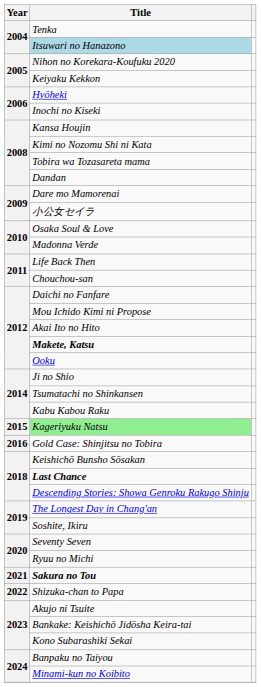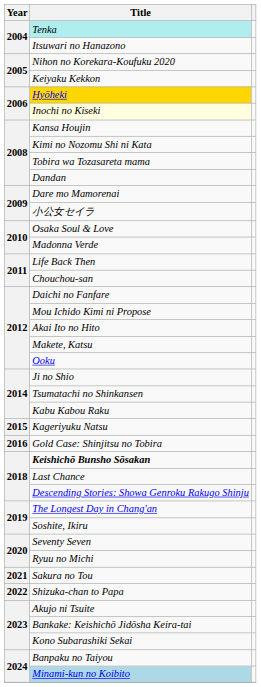 <table class="wikitable">
 <tr>
 <th>Year</th>
 <th>Title</th>
 <th></th>
 </tr>
 <tr>
 <th rowspan="2">2004</th>
-<td><em>Tenka</em></td>
+<td style="background: paleturquoise;"><em>Tenka</em></td>
 <td></td>
 </tr>
 <tr>
-<td style="background: lightblue;"><em>Itsuwari no Hanazono</em></td>
+<td><em>Itsuwari no Hanazono</em></td>
 <td></td>
 </tr>
 <tr>
 <th rowspan="2">2005</th>
 <td><em>Nihon no Korekara-Koufuku 2020</em></td>
 <td></td>
 </tr>
 <tr>
 <td><em>Keiyaku Kekkon</em></td>
 <td></td>
 </tr>
 <tr>
 <th rowspan="2">2006</th>
-<td><em><a href='#'>Hyōheki</a></em></td>
+<td style="background: gold;"><em><a href='#'>Hyōheki</a></em></td>
 <td></td>
 </tr>
 <tr>
-<td><em>Inochi no Kiseki</em></td>
+<td style="background: lightyellow;"><em>Inochi no Kiseki</em></td>
 <td></td>
 </tr>
 <tr>
 <th rowspan="4">2008</th>
 <td><em>Kansa Houjin</em></td>
 <td></td>
 </tr>
 <tr>
 <td><em>Kimi no Nozomu Shi ni Kata</em></td>
 <td></td>
 </tr>
 <tr>
 <td><em>Tobira wa Tozasareta mama</em></td>
 <td></td>
 </tr>
 <tr>
 <td><em>Dandan</em></td>
 <td></td>
 </tr>
 <tr>
 <th rowspan="2">2009</th>
 <td><em>Dare mo Mamorenai</em></td>
 <td></td>
 </tr>
 <tr>
 <td><em>小公女セイラ</em></td>
 <td></td>
 </tr>
 <tr>
 <th rowspan="2">2010</th>
 <td><em>Osaka Soul & Love</em></td>
 <td></td>
 </tr>
 <tr>
 <td><em>Madonna Verde</em></td>
 <td></td>
 </tr>
 <tr>
 <th rowspan="2">2011</th>
 <td><em>Life Back Then</em></td>
 <td></td>
 </tr>
 <tr>
 <td><em>Chouchou-san</em></td>
 <td></td>
 </tr>
 <tr>
 <th rowspan="5">2012</th>
 <td><em>Daichi no Fanfare</em></td>
 <td></td>
 </tr>
 <tr>
 <td><em>Mou Ichido Kimi ni Propose</em></td>
 <td></td>
 </tr>
 <tr>
 <td><em>Akai Ito no Hito</em></td>
 <td></td>
 </tr>
 <tr>
-<td><strong><em>Makete, Katsu</em></strong></td>
+<td><em>Makete, Katsu</em></td>
 <td></td>
 </tr>
 <tr>
 <td><em><a href='#'>Ooku</a></em></td>
 <td></td>
 </tr>
 <tr>
 <th rowspan="3">2014</th>
 <td><em>Ji no Shio</em></td>
 <td></td>
 </tr>
 <tr>
 <td><em>Tsumatachi no Shinkansen</em></td>
 <td></td>
 </tr>
 <tr>
 <td><em>Kabu Kabou Raku</em></td>
 <td></td>
 </tr>
 <tr>
 <th>2015</th>
-<td style="background: lightgreen;"><em>Kageriyuku Natsu</em></td>
+<td><em>Kageriyuku Natsu</em></td>
 <td></td>
 </tr>
 <tr>
 <th>2016</th>
 <td><em>Gold Case: Shinjitsu no Tobira</em></td>
 <td></td>
 </tr>
 <tr>
 <th rowspan="3">2018</th>
-<td><em>Keishichō Bunsho Sōsakan</em></td>
+<td><strong><em>Keishichō Bunsho Sōsakan</em></strong></td>
 <td></td>
 </tr>
 <tr>
-<td><strong><em>Last Chance</em></strong></td>
+<td><em>Last Chance</em></td>
 <td></td>
 </tr>
 <tr>
 <td><em><a href='#'>Descending Stories: Showa Genroku Rakugo Shinju</a></em></td>
 <td></td>
 </tr>
 <tr>
 <th rowspan="2">2019</th>
 <td><em><a href='#'>The Longest Day in Chang'an</a></em></td>
 <td></td>
 </tr>
 <tr>
 <td><em>Soshite, Ikiru</em></td>
 <td></td>
 </tr>
 <tr>
 <th rowspan="2">2020</th>
 <td><em>Seventy Seven</em></td>
 <td></td>
 </tr>
 <tr>
 <td><em>Ryuu no Michi</em></td>
 <td></td>
 </tr>
 <tr>
 <th>2021</th>
-<td><strong><em>Sakura no Tou</em></strong></td>
+<td><em>Sakura no Tou</em></td>
 <td></td>
 </tr>
 <tr>
 <th>2022</th>
 <td><em>Shizuka-chan to Papa</em></td>
 <td></td>
 </tr>
 <tr>
 <th rowspan="3">2023</th>
 <td><em>Akujo ni Tsuite</em></td>
 <td></td>
 </tr>
 <tr>
 <td><em>Bankake: Keishichō Jidōsha Keira-tai</em></td>
 <td></td>
 </tr>
 <tr>
 <td><em>Kono Subarashiki Sekai</em></td>
 <td></td>
 </tr>
 <tr>
 <th rowspan="2">2024</th>
 <td><em>Banpaku no Taiyou</em></td>
 <td></td>
 </tr>
 <tr>
-<td><em><a href='#'>Minami-kun no Koibito</a></em></td>
+<td style="background: lightblue;"><em><a href='#'>Minami-kun no Koibito</a></em></td>
 <td></td>
 </tr>
 <tr>
 </tr>
 </table>
